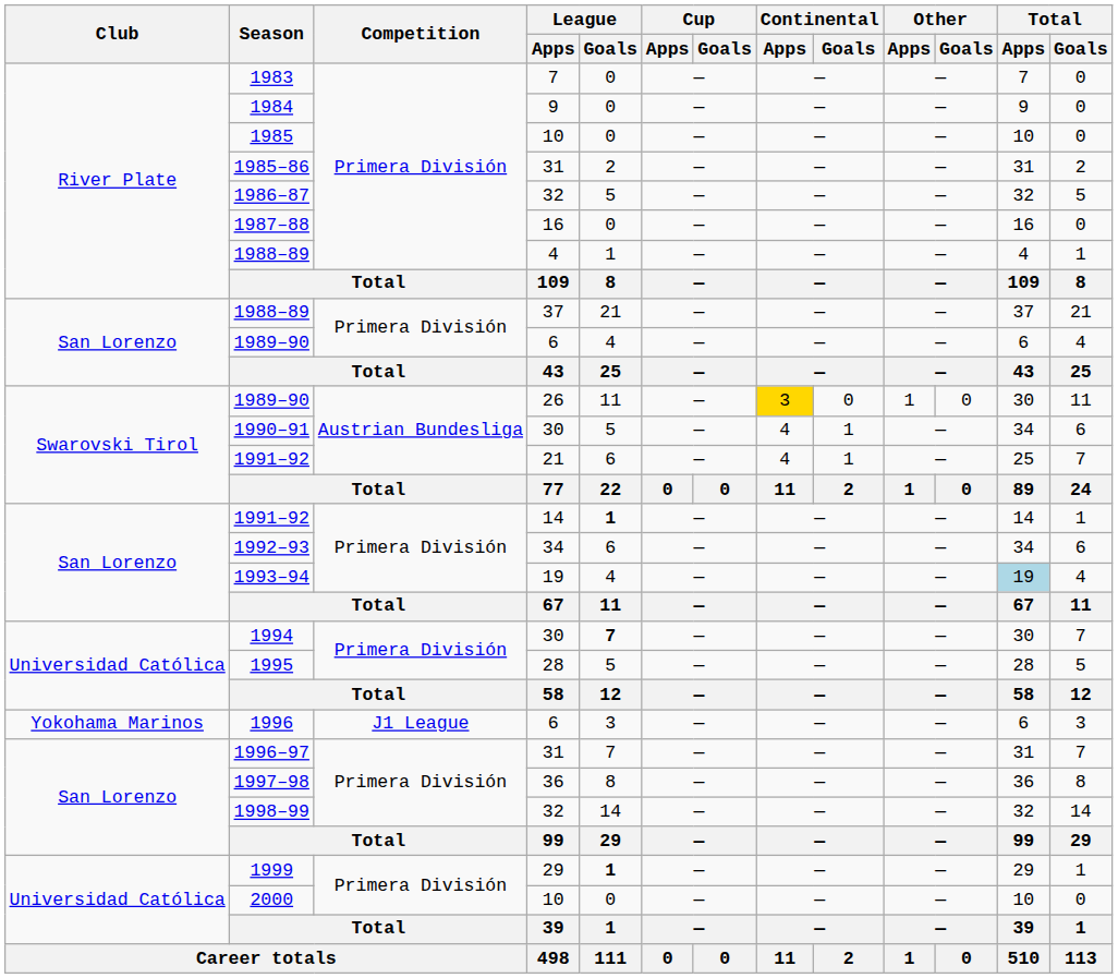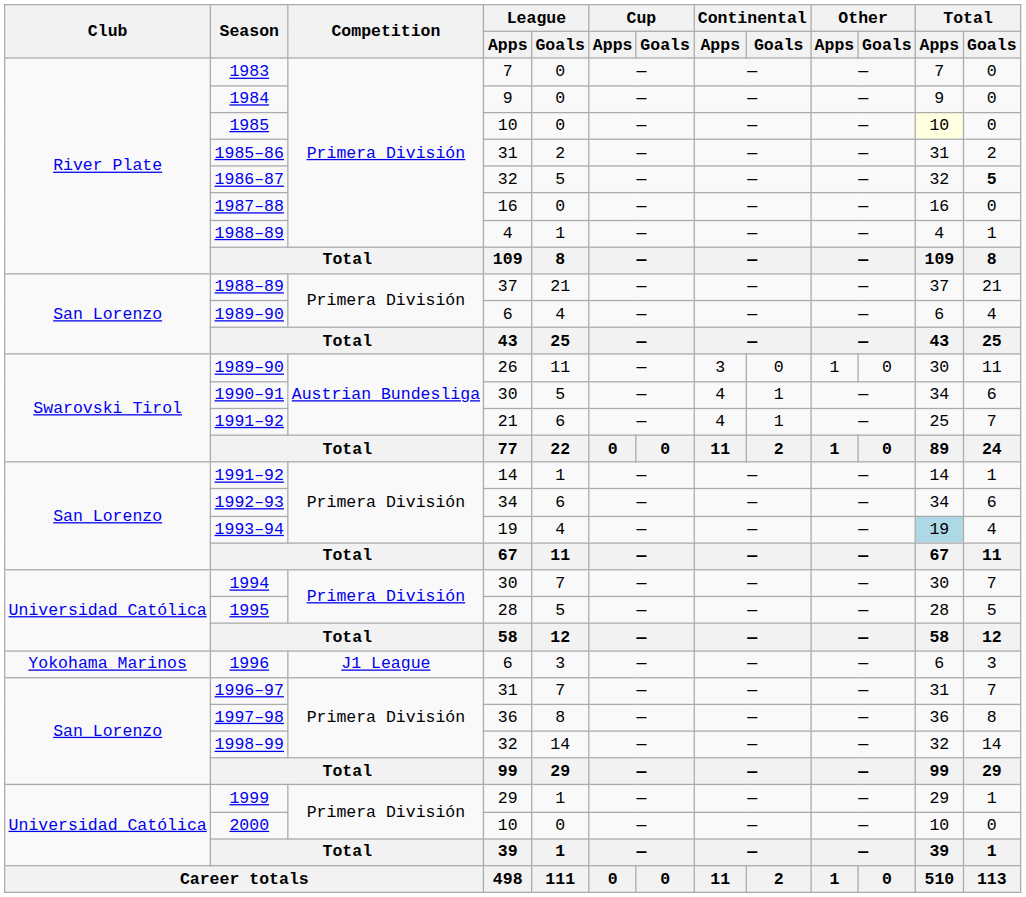 <table class="wikitable" style="text-align: center;">
 <tr>
 <th rowspan="2">Club</th>
 <th rowspan="2">Season</th>
 <th rowspan="2">Competition</th>
 <th colspan="2">League</th>
 <th colspan="2">Cup</th>
 <th colspan="2">Continental</th>
 <th colspan="2">Other</th>
 <th colspan="2">Total</th>
 </tr>
 <tr>
 <th>Apps</th>
 <th>Goals</th>
 <th>Apps</th>
 <th>Goals</th>
 <th>Apps</th>
 <th>Goals</th>
 <th>Apps</th>
 <th>Goals</th>
 <th>Apps</th>
 <th>Goals</th>
 </tr>
 <tr>
 <td rowspan="8" align=center valign=center><a href='#'>River Plate</a></td>
 <td><a href='#'>1983</a></td>
 <td rowspan="7"><a href='#'>Primera División</a></td>
 <td>7</td>
 <td>0</td>
 <td colspan=2>—</td>
 <td colspan=2>—</td>
 <td colspan=2>—</td>
 <td>7</td>
 <td>0</td>
 </tr>
 <tr>
 <td><a href='#'>1984</a></td>
 <td>9</td>
 <td>0</td>
 <td colspan=2>—</td>
 <td colspan=2>—</td>
 <td colspan=2>—</td>
 <td>9</td>
 <td>0</td>
 </tr>
 <tr>
 <td><a href='#'>1985</a></td>
 <td>10</td>
 <td>0</td>
 <td colspan=2>—</td>
 <td colspan=2>—</td>
 <td colspan=2>—</td>
-<td>10</td>
+<td style="background: lightyellow;">10</td>
 <td>0</td>
 </tr>
 <tr>
 <td><a href='#'>1985–86</a></td>
 <td>31</td>
 <td>2</td>
 <td colspan=2>—</td>
 <td colspan=2>—</td>
 <td colspan=2>—</td>
 <td>31</td>
 <td>2</td>
 </tr>
 <tr>
 <td><a href='#'>1986–87</a></td>
 <td>32</td>
 <td>5</td>
 <td colspan=2>—</td>
 <td colspan=2>—</td>
 <td colspan=2>—</td>
 <td>32</td>
-<td>5</td>
+<td><strong>5</strong></td>
 </tr>
 <tr>
 <td><a href='#'>1987–88</a></td>
 <td>16</td>
 <td>0</td>
 <td colspan=2>—</td>
 <td colspan=2>—</td>
 <td colspan=2>—</td>
 <td>16</td>
 <td>0</td>
 </tr>
 <tr>
 <td><a href='#'>1988–89</a></td>
 <td>4</td>
 <td>1</td>
 <td colspan=2>—</td>
 <td colspan=2>—</td>
 <td colspan=2>—</td>
 <td>4</td>
 <td>1</td>
 </tr>
 <tr>
 <th colspan="2"><strong>Total</strong></th>
 <th>109</th>
 <th>8</th>
 <th colspan=2>—</th>
 <th colspan=2>—</th>
 <th colspan=2>—</th>
 <th>109</th>
 <th>8</th>
 </tr>
 <tr>
 <td rowspan="3" align=center valign=center><a href='#'>San Lorenzo</a></td>
 <td><a href='#'>1988–89</a></td>
 <td rowspan="2">Primera División</td>
 <td>37</td>
 <td>21</td>
 <td colspan=2>—</td>
 <td colspan=2>—</td>
 <td colspan=2>—</td>
 <td>37</td>
 <td>21</td>
 </tr>
 <tr>
 <td><a href='#'>1989–90</a></td>
 <td>6</td>
 <td>4</td>
 <td colspan=2>—</td>
 <td colspan=2>—</td>
 <td colspan=2>—</td>
 <td>6</td>
 <td>4</td>
 </tr>
 <tr>
 <th colspan="2"><strong>Total</strong></th>
 <th>43</th>
 <th>25</th>
 <th colspan=2>—</th>
 <th colspan=2>—</th>
 <th colspan=2>—</th>
 <th>43</th>
 <th>25</th>
 </tr>
 <tr>
 <td rowspan="4" align=center valign=center><a href='#'>Swarovski Tirol</a></td>
 <td><a href='#'>1989–90</a></td>
 <td rowspan="3"><a href='#'>Austrian Bundesliga</a></td>
 <td>26</td>
 <td>11</td>
 <td colspan=2>—</td>
-<td style="background: gold;">3</td>
+<td>3</td>
 <td>0</td>
 <td>1</td>
 <td>0</td>
 <td>30</td>
 <td>11</td>
 </tr>
 <tr>
 <td><a href='#'>1990–91</a></td>
 <td>30</td>
 <td>5</td>
 <td colspan=2>—</td>
 <td>4</td>
 <td>1</td>
 <td colspan=2>—</td>
 <td>34</td>
 <td>6</td>
 </tr>
 <tr>
 <td><a href='#'>1991–92</a></td>
 <td>21</td>
 <td>6</td>
 <td colspan=2>—</td>
 <td>4</td>
 <td>1</td>
 <td colspan=2>—</td>
 <td>25</td>
 <td>7</td>
 </tr>
 <tr>
 <th colspan="2"><strong>Total</strong></th>
 <th>77</th>
 <th>22</th>
 <th>0</th>
 <th>0</th>
 <th>11</th>
 <th>2</th>
 <th>1</th>
 <th>0</th>
 <th>89</th>
 <th>24</th>
 </tr>
 <tr>
 <td rowspan="4" align=center valign=center><a href='#'>San Lorenzo</a></td>
 <td><a href='#'>1991–92</a></td>
 <td rowspan="3">Primera División</td>
 <td>14</td>
-<td><strong>1</strong></td>
+<td>1</td>
 <td colspan=2>—</td>
 <td colspan=2>—</td>
 <td colspan=2>—</td>
 <td>14</td>
 <td>1</td>
 </tr>
 <tr>
 <td><a href='#'>1992–93</a></td>
 <td>34</td>
 <td>6</td>
 <td colspan=2>—</td>
 <td colspan=2>—</td>
 <td colspan=2>—</td>
 <td>34</td>
 <td>6</td>
 </tr>
 <tr>
 <td><a href='#'>1993–94</a></td>
 <td>19</td>
 <td>4</td>
 <td colspan=2>—</td>
 <td colspan=2>—</td>
 <td colspan=2>—</td>
 <td style="background: lightblue;">19</td>
 <td>4</td>
 </tr>
 <tr>
 <th colspan="2"><strong>Total</strong></th>
 <th>67</th>
 <th>11</th>
 <th colspan=2>—</th>
 <th colspan=2>—</th>
 <th colspan=2>—</th>
 <th>67</th>
 <th>11</th>
 </tr>
 <tr>
 <td rowspan="3" align=center valign=center><a href='#'>Universidad Católica</a></td>
 <td><a href='#'>1994</a></td>
 <td rowspan="2"><a href='#'>Primera División</a></td>
 <td>30</td>
-<td><strong>7</strong></td>
+<td>7</td>
 <td colspan=2>—</td>
 <td colspan=2>—</td>
 <td colspan=2>—</td>
 <td>30</td>
 <td>7</td>
 </tr>
 <tr>
 <td><a href='#'>1995</a></td>
 <td>28</td>
 <td>5</td>
 <td colspan=2>—</td>
 <td colspan=2>—</td>
 <td colspan=2>—</td>
 <td>28</td>
 <td>5</td>
 </tr>
 <tr>
 <th colspan="2"><strong>Total</strong></th>
 <th>58</th>
 <th>12</th>
 <th colspan=2>—</th>
 <th colspan=2>—</th>
 <th colspan=2>—</th>
 <th>58</th>
 <th>12</th>
 </tr>
 <tr>
 <td align=center valign=center><a href='#'>Yokohama Marinos</a></td>
 <td><a href='#'>1996</a></td>
 <td><a href='#'>J1 League</a></td>
 <td>6</td>
 <td>3</td>
 <td colspan=2>—</td>
 <td colspan=2>—</td>
 <td colspan=2>—</td>
 <td>6</td>
 <td>3</td>
 </tr>
 <tr>
 <td rowspan="4" align=center valign=center><a href='#'>San Lorenzo</a></td>
 <td><a href='#'>1996–97</a></td>
 <td rowspan="3">Primera División</td>
 <td>31</td>
 <td>7</td>
 <td colspan=2>—</td>
 <td colspan=2>—</td>
 <td colspan=2>—</td>
 <td>31</td>
 <td>7</td>
 </tr>
 <tr>
 <td><a href='#'>1997–98</a></td>
 <td>36</td>
 <td>8</td>
 <td colspan=2>—</td>
 <td colspan=2>—</td>
 <td colspan=2>—</td>
 <td>36</td>
 <td>8</td>
 </tr>
 <tr>
 <td><a href='#'>1998–99</a></td>
 <td>32</td>
 <td>14</td>
 <td colspan=2>—</td>
 <td colspan=2>—</td>
 <td colspan=2>—</td>
 <td>32</td>
 <td>14</td>
 </tr>
 <tr>
 <th colspan="2"><strong>Total</strong></th>
 <th>99</th>
 <th>29</th>
 <th colspan=2>—</th>
 <th colspan=2>—</th>
 <th colspan=2>—</th>
 <th>99</th>
 <th>29</th>
 </tr>
 <tr>
 <td rowspan="3" align=center valign=center><a href='#'>Universidad Católica</a></td>
 <td><a href='#'>1999</a></td>
 <td rowspan="2">Primera División</td>
 <td>29</td>
-<td><strong>1</strong></td>
+<td>1</td>
 <td colspan=2>—</td>
 <td colspan=2>—</td>
 <td colspan=2>—</td>
 <td>29</td>
 <td>1</td>
 </tr>
 <tr>
 <td><a href='#'>2000</a></td>
 <td>10</td>
 <td>0</td>
 <td colspan=2>—</td>
 <td colspan=2>—</td>
 <td colspan=2>—</td>
 <td>10</td>
 <td>0</td>
 </tr>
 <tr>
 <th colspan="2"><strong>Total</strong></th>
 <th>39</th>
 <th>1</th>
 <th colspan=2>—</th>
 <th colspan=2>—</th>
 <th colspan=2>—</th>
 <th>39</th>
 <th>1</th>
 </tr>
 <tr>
 <th colspan="3">Career totals</th>
 <th>498</th>
 <th>111</th>
 <th>0</th>
 <th>0</th>
 <th>11</th>
 <th>2</th>
 <th>1</th>
 <th>0</th>
 <th>510</th>
 <th>113</th>
 </tr>
 </table>
